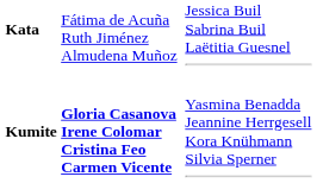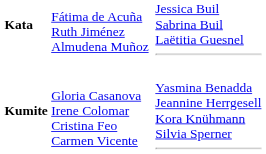 <table>
 <tr>
 <td><strong>Kata</strong></td>
 <td><br><a href='#'>Fátima de Acuña</a><br><a href='#'>Ruth Jiménez</a><br><a href='#'>Almudena Muñoz</a></td>
 <td></td>
 <td><br><a href='#'>Jessica Buil</a><br><a href='#'>Sabrina Buil</a><br><a href='#'>Laëtitia Guesnel</a><hr></td>
 </tr>
 <tr>
 <td><strong>Kumite</strong></td>
-<td><strong><br><a href='#'>Gloria Casanova</a><br><a href='#'>Irene Colomar</a><br><a href='#'>Cristina Feo</a><br><a href='#'>Carmen Vicente</a></strong></td>
+<td><br><a href='#'>Gloria Casanova</a><br><a href='#'>Irene Colomar</a><br><a href='#'>Cristina Feo</a><br><a href='#'>Carmen Vicente</a></td>
 <td></td>
 <td><br><a href='#'>Yasmina Benadda</a><br><a href='#'>Jeannine Herrgesell</a><br><a href='#'>Kora Knühmann</a><br><a href='#'>Silvia Sperner</a><hr></td>
 </tr>
 </table>
